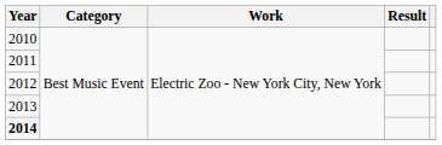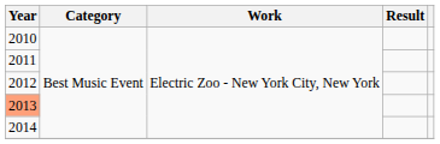 <table class="wikitable">
 <tr>
 <th>Year</th>
 <th>Category</th>
 <th>Work</th>
 <th>Result</th>
 <th></th>
 </tr>
 <tr>
 <td>2010</td>
 <td rowspan="5">Best Music Event</td>
 <td rowspan="5">Electric Zoo - New York City, New York</td>
 <td></td>
 <td></td>
 </tr>
 <tr>
 <td>2011</td>
 <td></td>
 <td></td>
 </tr>
 <tr>
 <td>2012</td>
 <td></td>
 <td></td>
 </tr>
 <tr>
-<td>2013</td>
+<td style="background: lightsalmon;">2013</td>
 <td></td>
 <td></td>
 </tr>
 <tr>
-<td><strong>2014</strong></td>
+<td>2014</td>
 <td></td>
 <td></td>
 </tr>
 <tr>
 </tr>
 </table>
